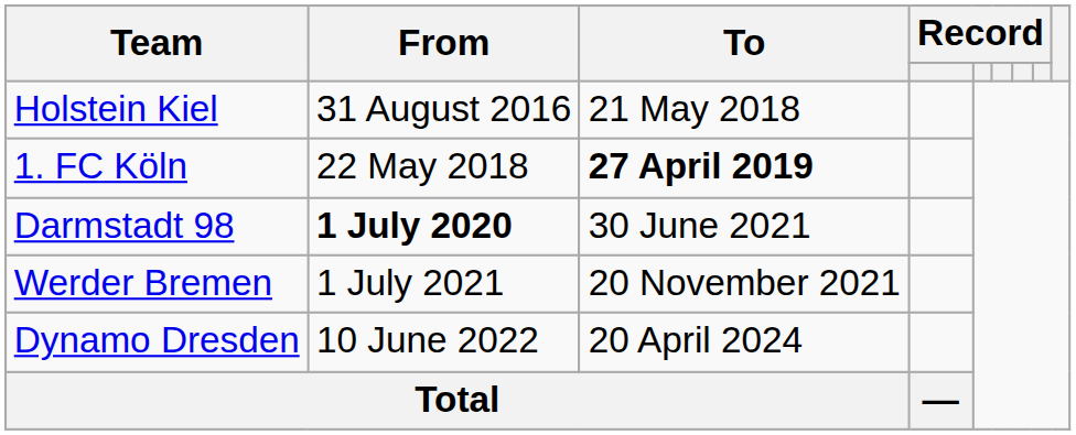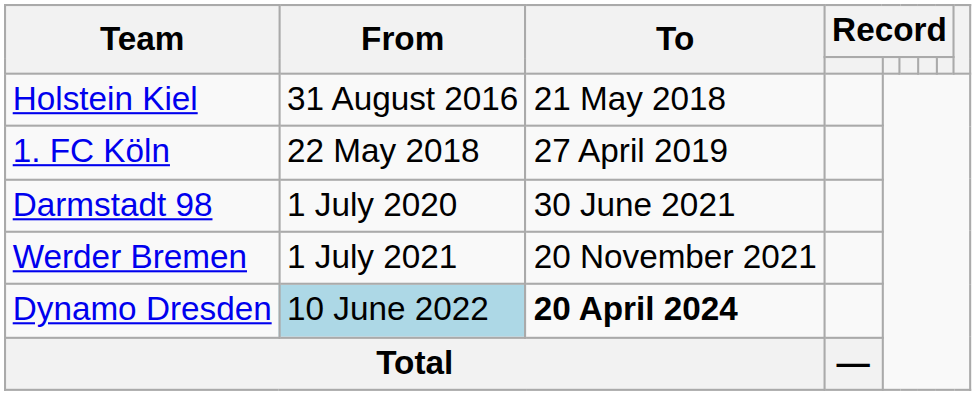 <table class="wikitable" style="text-align: left">
 <tr>
 <th rowspan="2">Team</th>
 <th rowspan="2">From</th>
 <th rowspan="2">To</th>
 <th colspan="5">Record</th>
 <th rowspan="2"></th>
 </tr>
 <tr>
 <th></th>
 <th></th>
 <th></th>
 <th></th>
 <th></th>
 </tr>
 <tr>
 <td><a href='#'>Holstein Kiel</a></td>
 <td>31 August 2016</td>
 <td>21 May 2018<br></td>
 <td></td>
 </tr>
 <tr>
 <td><a href='#'>1. FC Köln</a></td>
 <td>22 May 2018</td>
-<td><strong>27 April 2019<br></strong></td>
+<td>27 April 2019<br></td>
 <td></td>
 </tr>
 <tr>
 <td><a href='#'>Darmstadt 98</a></td>
-<td><strong>1 July 2020</strong></td>
+<td>1 July 2020</td>
 <td>30 June 2021<br></td>
 <td></td>
 </tr>
 <tr>
 <td><a href='#'>Werder Bremen</a></td>
 <td>1 July 2021</td>
 <td>20 November 2021<br></td>
 <td></td>
 </tr>
 <tr>
 <td><a href='#'>Dynamo Dresden</a></td>
-<td>10 June 2022</td>
-<td>20 April 2024<br></td>
+<td style="background: lightblue;">10 June 2022</td>
+<td><strong>20 April 2024<br></strong></td>
 <td></td>
 </tr>
 <tr>
 <th colspan="3">Total<br></th>
 <th>—</th>
 </tr>
 </table>
